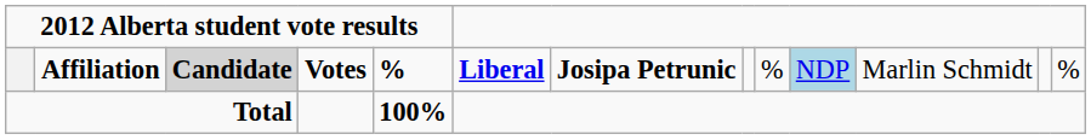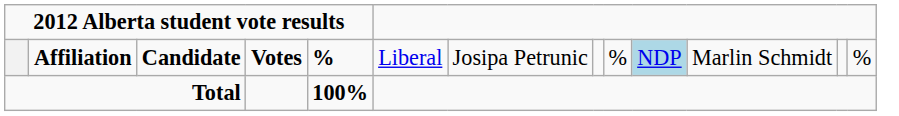 <table class="wikitable">
 <tr>
 <td colspan="5" align=center><strong>2012 Alberta student vote results</strong></td>
 </tr>
 <tr>
 <th style="width: 10px;"></th>
 <td><strong>Affiliation</strong></td>
-<td style="background: lightgrey;"><strong>Candidate</strong></td>
+<td><strong>Candidate</strong></td>
 <td><strong>Votes</strong></td>
 <td><strong>%</strong><br>  </td>
-<td><strong><a href='#'>Liberal</a></strong></td>
-<td><strong>Josipa Petrunic</strong></td>
+<td><a href='#'>Liberal</a></td>
+<td>Josipa Petrunic</td>
 <td></td>
 <td>%<br> </td>
 <td style="background: lightblue;"><a href='#'>NDP</a></td>
 <td>Marlin Schmidt</td>
 <td></td>
 <td>%</td>
 </tr>
 <tr>
 <td colspan="3" align="right"><strong>Total</strong></td>
 <td></td>
 <td><strong>100%</strong></td>
 </tr>
 </table>
